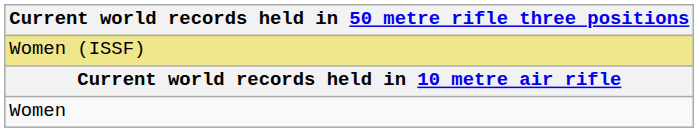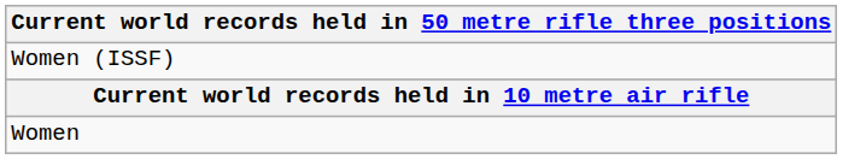 <table class="wikitable" style="font-size: 95%">
 <tr>
 <th colspan=7>Current world records held in <a href='#'>50 metre rifle three positions</a></th>
 </tr>
 <tr>
-<td style="background: khaki;">Women (ISSF)<br></td>
+<td>Women (ISSF)<br></td>
 </tr>
 <tr>
 <th colspan=7>Current world records held in <a href='#'>10 metre air rifle</a></th>
 </tr>
 <tr>
 <td rowspan=3>Women<br></td>
 </tr>
 <tr>
 </tr>
 </table>
